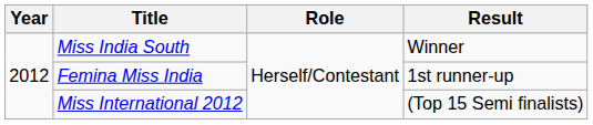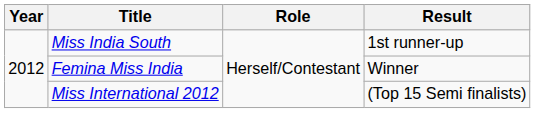 <table class="wikitable sortable plainrowheaders">
 <tr style="background:#ccc; text-align:center;">
 <th scope="col">Year</th>
 <th scope="col">Title</th>
 <th scope="col" class="unsortable">Role</th>
 <th scope="col">Result</th>
 </tr>
 <tr>
 <td rowspan="3">2012</td>
 <td scope="row"><em><a href='#'>Miss India South</a></em></td>
 <td rowspan="3">Herself/Contestant</td>
-<td>Winner</td>
+<td>1st runner-up</td>
 </tr>
 <tr>
 <td scope="row"><em><a href='#'>Femina Miss India</a></em></td>
-<td>1st runner-up</td>
+<td>Winner</td>
 </tr>
 <tr>
 <td scope="row"><em><a href='#'>Miss International 2012</a></em></td>
 <td>(Top 15 Semi finalists)</td>
 </tr>
 </table>
